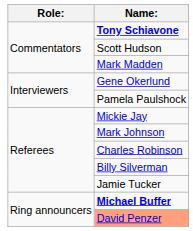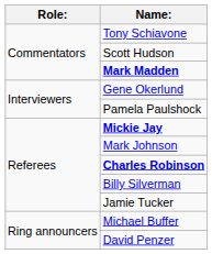 <table class=wikitable style="font-size:90%; margin: 0.5em 0 0.5em 1em; float: right; clear: right;">
 <tr>
 <th>Role:</th>
 <th>Name:</th>
 </tr>
 <tr>
 <td rowspan=3>Commentators</td>
-<td><strong><a href='#'>Tony Schiavone</a></strong></td>
+<td><a href='#'>Tony Schiavone</a></td>
 </tr>
 <tr>
 <td>Scott Hudson</td>
 </tr>
 <tr>
-<td><a href='#'>Mark Madden</a></td>
+<td><strong><a href='#'>Mark Madden</a></strong></td>
 </tr>
 <tr>
 <td rowspan=2>Interviewers</td>
 <td><a href='#'>Gene Okerlund</a></td>
 </tr>
 <tr>
 <td>Pamela Paulshock</td>
 </tr>
 <tr>
 <td rowspan=5>Referees</td>
-<td><a href='#'>Mickie Jay</a></td>
+<td><strong><a href='#'>Mickie Jay</a></strong></td>
 </tr>
 <tr>
 <td><a href='#'>Mark Johnson</a></td>
 </tr>
 <tr>
-<td><a href='#'>Charles Robinson</a></td>
+<td><strong><a href='#'>Charles Robinson</a></strong></td>
 </tr>
 <tr>
 <td><a href='#'>Billy Silverman</a></td>
 </tr>
 <tr>
 <td>Jamie Tucker</td>
 </tr>
 <tr>
 <td rowspan=2>Ring announcers</td>
-<td><strong><a href='#'>Michael Buffer</a></strong></td>
+<td><a href='#'>Michael Buffer</a></td>
 </tr>
 <tr>
-<td style="background: lightsalmon;"><a href='#'>David Penzer</a></td>
+<td><a href='#'>David Penzer</a></td>
 </tr>
 </table>
